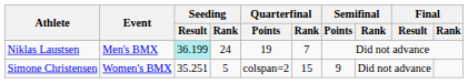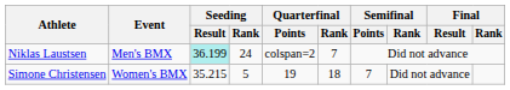 <table class="wikitable" style="font-size:90%;">
 <tr>
 <th rowspan=2>Athlete</th>
 <th rowspan=2>Event</th>
 <th colspan=2>Seeding</th>
 <th colspan=2>Quarterfinal</th>
 <th colspan=2>Semifinal</th>
 <th colspan=2>Final</th>
 </tr>
 <tr style="font-size:95%">
 <th>Result</th>
 <th>Rank</th>
 <th>Points</th>
 <th>Rank</th>
 <th>Points</th>
 <th>Rank</th>
 <th>Result</th>
 <th>Rank</th>
 </tr>
 <tr align=center>
 <td align=left><a href='#'>Niklas Laustsen</a></td>
 <td align=left><a href='#'>Men's BMX</a></td>
 <td style="background: paleturquoise;">36.199</td>
 <td>24</td>
-<td>19</td>
+<td>colspan=2 </td>
 <td>7</td>
 <td colspan=4>Did not advance</td>
 </tr>
 <tr align=center>
 <td align=left><a href='#'>Simone Christensen</a></td>
 <td align=left><a href='#'>Women's BMX</a></td>
-<td>35.251</td>
+<td>35.215</td>
 <td>5</td>
-<td>colspan=2 </td>
-<td>15</td>
-<td>9</td>
+<td>19</td>
+<td>18</td>
+<td>7</td>
 <td colspan=2>Did not advance</td>
 </tr>
 </table>
